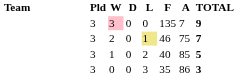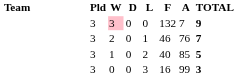 <table>
 <tr>
 <td><br></td>
 </tr>
 <tr border=1 cellpadding=5 cellspacing=0>
 <th width="200">Team</th>
 <th width="20">Pld</th>
 <th width="20">W</th>
 <th width="20">D</th>
 <th width="20">L</th>
 <th width="20">F</th>
 <th width="20">A</th>
 <th width="20">TOTAL</th>
 </tr>
 <tr>
 <td align=left></td>
 <td>3</td>
 <td style="background: pink;">3</td>
 <td>0</td>
 <td>0</td>
-<td>135</td>
+<td>132</td>
 <td>7</td>
 <td><strong>9</strong></td>
 </tr>
 <tr>
 <td align=left></td>
 <td>3</td>
 <td>2</td>
 <td>0</td>
-<td style="background: khaki;">1</td>
+<td>1</td>
 <td>46</td>
-<td>75</td>
+<td>76</td>
 <td><strong>7</strong></td>
 </tr>
 <tr>
 <td align=left></td>
 <td>3</td>
 <td>1</td>
 <td>0</td>
 <td>2</td>
 <td>40</td>
 <td>85</td>
 <td><strong>5</strong></td>
 </tr>
 <tr>
 <td align=left></td>
 <td>3</td>
 <td>0</td>
 <td>0</td>
 <td>3</td>
-<td>35</td>
-<td>86</td>
+<td>16</td>
+<td>99</td>
 <td><strong>3</strong></td>
 </tr>
 </table>
